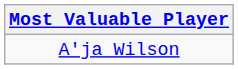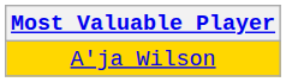 <table class=wikitable style="text-align:center">
 <tr>
 <th><a href='#'>Most Valuable Player</a></th>
 </tr>
 <tr>
-<td> <a href='#'>A'ja Wilson</a></td>
+<td style="background: gold;"> <a href='#'>A'ja Wilson</a></td>
 </tr>
 </table>
